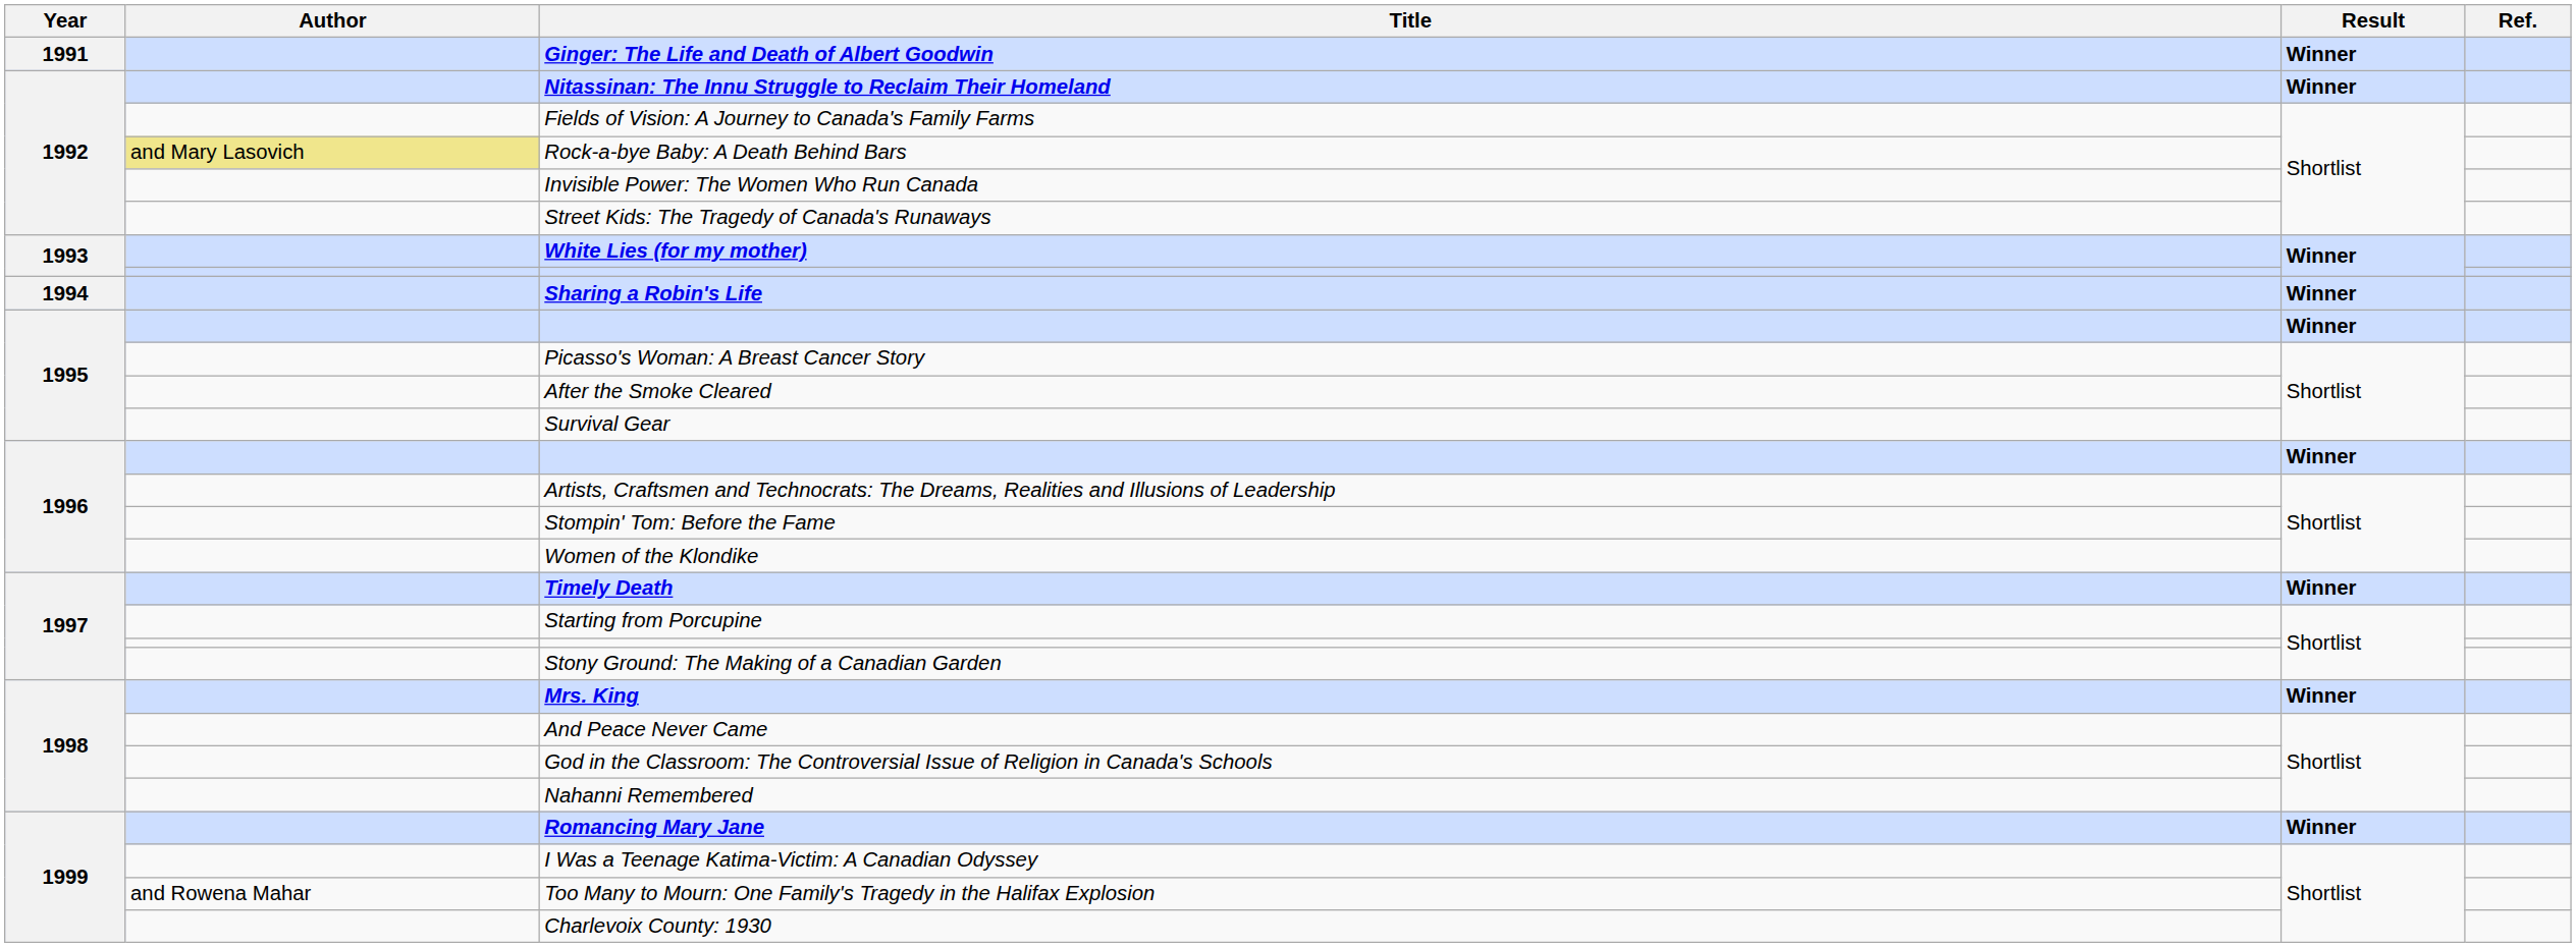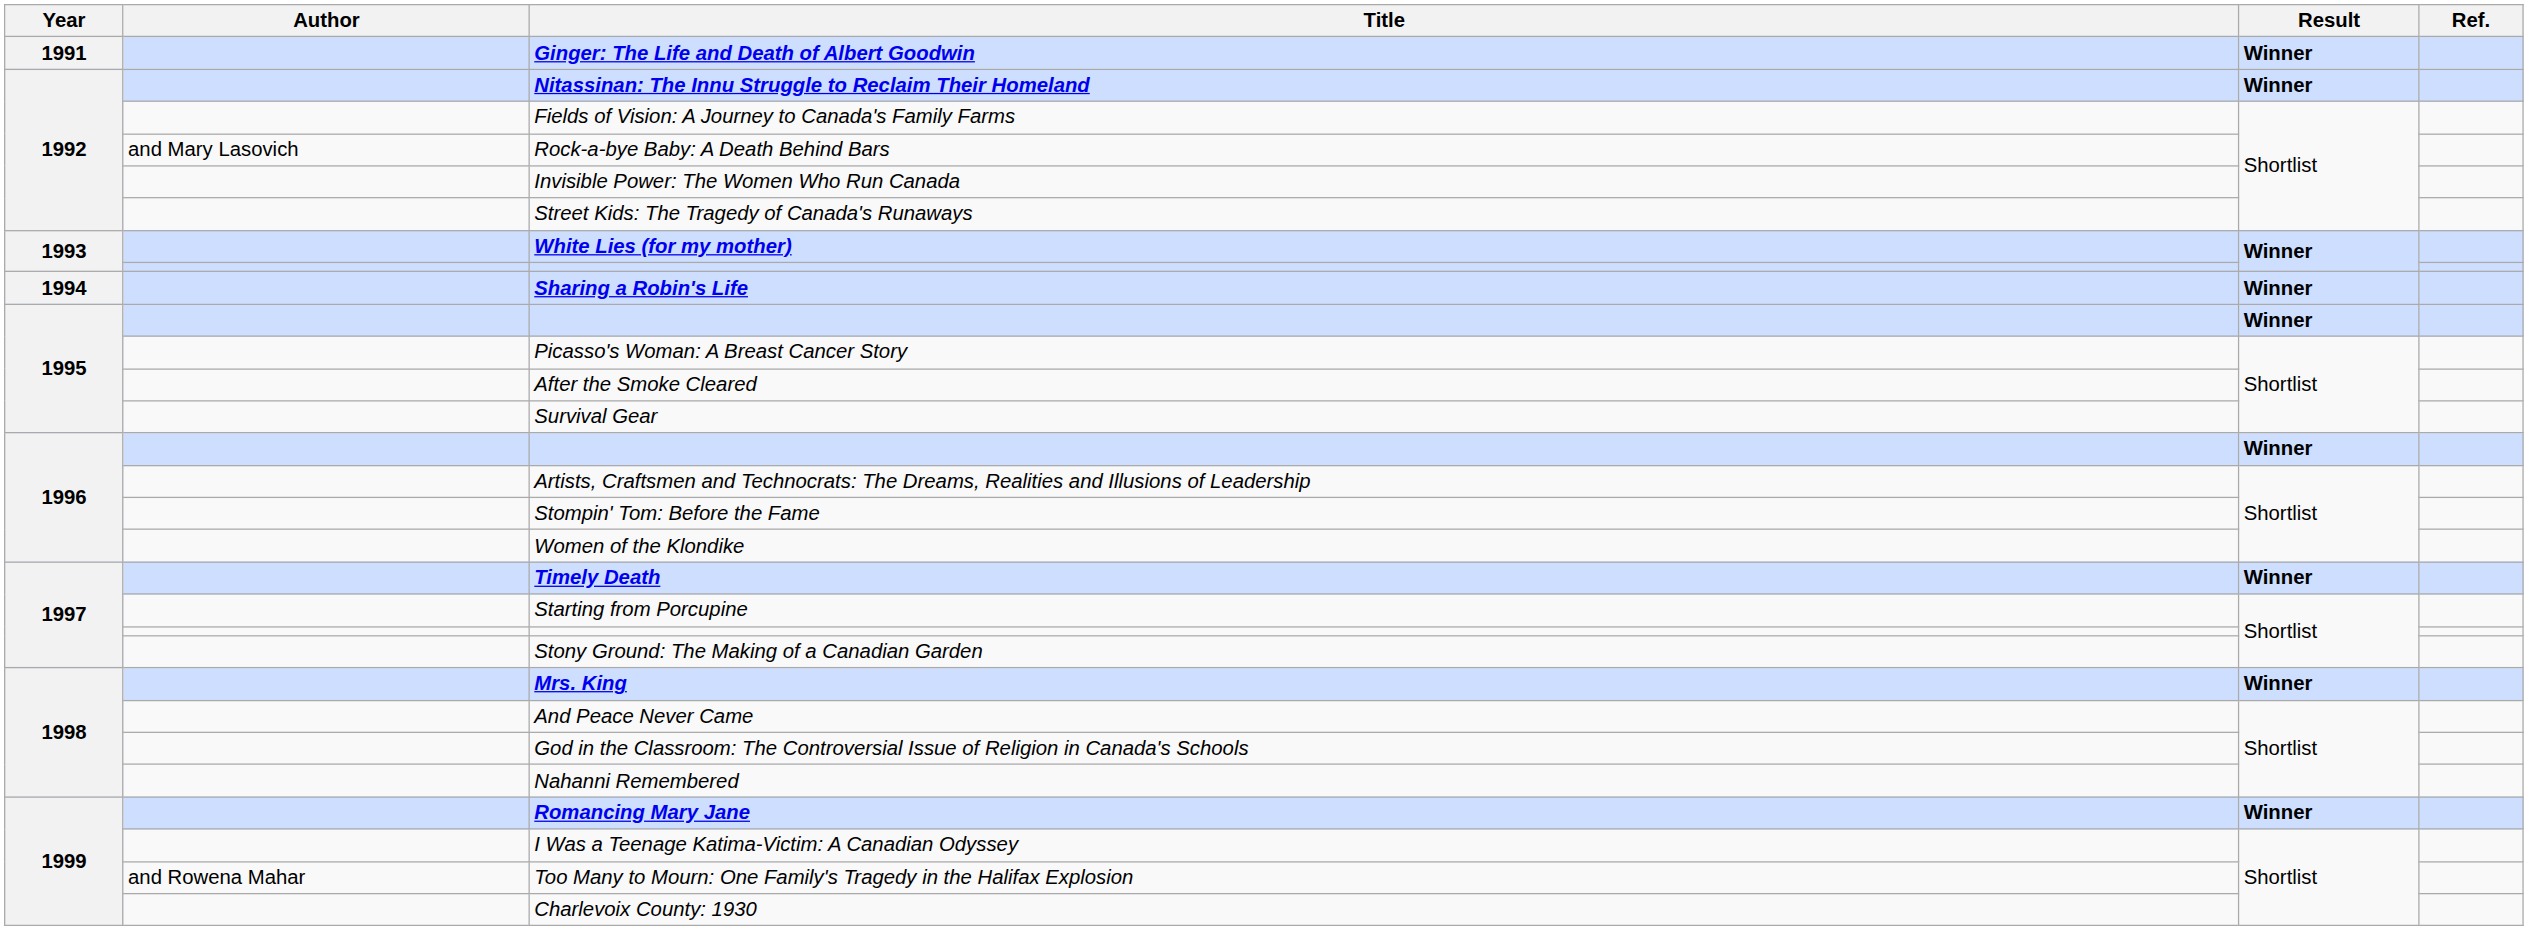 <table class="wikitable sortable mw-collapsible" width="100%">
 <tr>
 <th>Year</th>
 <th>Author</th>
 <th>Title</th>
 <th>Result</th>
 <th>Ref.</th>
 </tr>
 <tr style=background:#cddeff>
 <th align="center">1991</th>
 <td><strong></strong></td>
 <td><strong><em><a href='#'>Ginger: The Life and Death of Albert Goodwin</a></em></strong></td>
 <td><strong>Winner</strong></td>
 <td></td>
 </tr>
 <tr style=background:#cddeff>
 <th rowspan="5">1992</th>
 <td><strong></strong></td>
 <td><strong><em><a href='#'>Nitassinan: The Innu Struggle to Reclaim Their Homeland</a></em></strong></td>
 <td><strong>Winner</strong></td>
 <td></td>
 </tr>
 <tr>
 <td></td>
 <td><em>Fields of Vision: A Journey to Canada's Family Farms</em></td>
 <td rowspan="4">Shortlist</td>
 <td></td>
 </tr>
 <tr>
-<td style="background: khaki;"> and Mary Lasovich</td>
+<td> and Mary Lasovich</td>
 <td><em>Rock-a-bye Baby: A Death Behind Bars</em></td>
 <td></td>
 </tr>
 <tr>
 <td></td>
 <td><em>Invisible Power: The Women Who Run Canada</em></td>
 <td></td>
 </tr>
 <tr>
 <td></td>
 <td><em>Street Kids: The Tragedy of Canada's Runaways</em></td>
 <td></td>
 </tr>
 <tr style=background:#cddeff>
 <th rowspan="2">1993</th>
 <td><strong></strong></td>
 <td><strong><em><a href='#'>White Lies (for my mother)</a></em></strong></td>
 <td rowspan="2"><strong>Winner</strong></td>
 <td></td>
 </tr>
 <tr style=background:#cddeff>
 <td><strong></strong></td>
 <td><strong><em></em></strong></td>
 <td></td>
 </tr>
 <tr style=background:#cddeff>
 <th>1994</th>
 <td><strong></strong></td>
 <td><strong><em><a href='#'>Sharing a Robin's Life</a></em></strong></td>
 <td><strong>Winner</strong></td>
 <td></td>
 </tr>
 <tr style=background:#cddeff>
 <th rowspan="4">1995</th>
 <td><strong></strong></td>
 <td><strong><em></em></strong></td>
 <td><strong>Winner</strong></td>
 <td></td>
 </tr>
 <tr>
 <td></td>
 <td><em>Picasso's Woman: A Breast Cancer Story</em></td>
 <td rowspan="3">Shortlist</td>
 <td></td>
 </tr>
 <tr>
 <td></td>
 <td><em>After the Smoke Cleared</em></td>
 <td></td>
 </tr>
 <tr>
 <td></td>
 <td><em>Survival Gear</em></td>
 <td></td>
 </tr>
 <tr style=background:#cddeff>
 <th rowspan="4">1996</th>
 <td><strong></strong></td>
 <td><strong><em></em></strong></td>
 <td><strong>Winner</strong></td>
 <td></td>
 </tr>
 <tr>
 <td></td>
 <td><em>Artists, Craftsmen and Technocrats: The Dreams, Realities and Illusions of Leadership</em></td>
 <td rowspan="3">Shortlist</td>
 <td></td>
 </tr>
 <tr>
 <td></td>
 <td><em>Stompin' Tom: Before the Fame</em></td>
 <td></td>
 </tr>
 <tr>
 <td></td>
 <td><em>Women of the Klondike</em></td>
 <td></td>
 </tr>
 <tr style=background:#cddeff>
 <th rowspan="4">1997</th>
 <td><strong></strong></td>
 <td><strong><em><a href='#'>Timely Death</a></em></strong></td>
 <td><strong>Winner</strong></td>
 <td></td>
 </tr>
 <tr>
 <td></td>
 <td><em>Starting from Porcupine</em></td>
 <td rowspan="3">Shortlist</td>
 <td></td>
 </tr>
 <tr>
 <td></td>
 <td><em></em></td>
 <td></td>
 </tr>
 <tr>
 <td></td>
 <td><em>Stony Ground: The Making of a Canadian Garden</em></td>
 <td></td>
 </tr>
 <tr style=background:#cddeff>
 <th rowspan="4">1998</th>
 <td><strong></strong></td>
 <td><strong><em><a href='#'>Mrs. King</a></em></strong></td>
 <td><strong>Winner</strong></td>
 <td></td>
 </tr>
 <tr>
 <td></td>
 <td><em>And Peace Never Came</em></td>
 <td rowspan="3">Shortlist</td>
 <td></td>
 </tr>
 <tr>
 <td></td>
 <td><em>God in the Classroom: The Controversial Issue of Religion in Canada's Schools</em></td>
 <td></td>
 </tr>
 <tr>
 <td></td>
 <td><em>Nahanni Remembered</em></td>
 <td></td>
 </tr>
 <tr style=background:#cddeff>
 <th rowspan="4">1999</th>
 <td><strong></strong></td>
 <td><strong><em><a href='#'>Romancing Mary Jane</a></em></strong></td>
 <td><strong>Winner</strong></td>
 <td></td>
 </tr>
 <tr>
 <td></td>
 <td><em>I Was a Teenage Katima-Victim: A Canadian Odyssey</em></td>
 <td rowspan="3">Shortlist</td>
 <td></td>
 </tr>
 <tr>
 <td> and Rowena Mahar</td>
 <td><em>Too Many to Mourn: One Family's Tragedy in the Halifax Explosion</em></td>
 <td></td>
 </tr>
 <tr>
 <td></td>
 <td><em>Charlevoix County: 1930</em></td>
 <td></td>
 </tr>
 </table>
